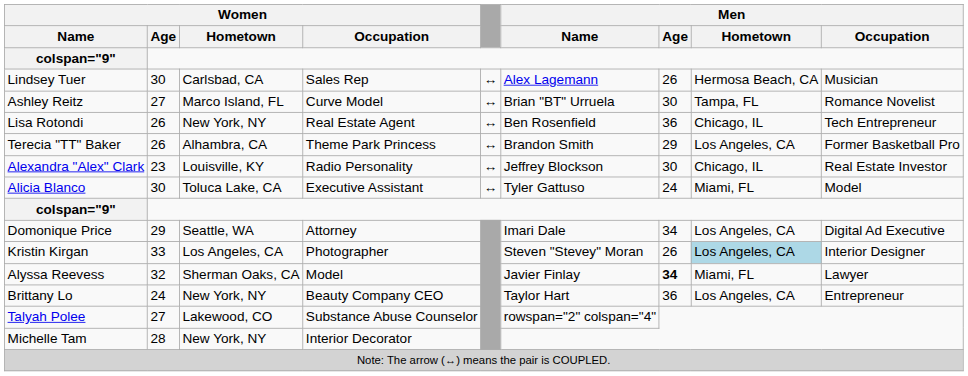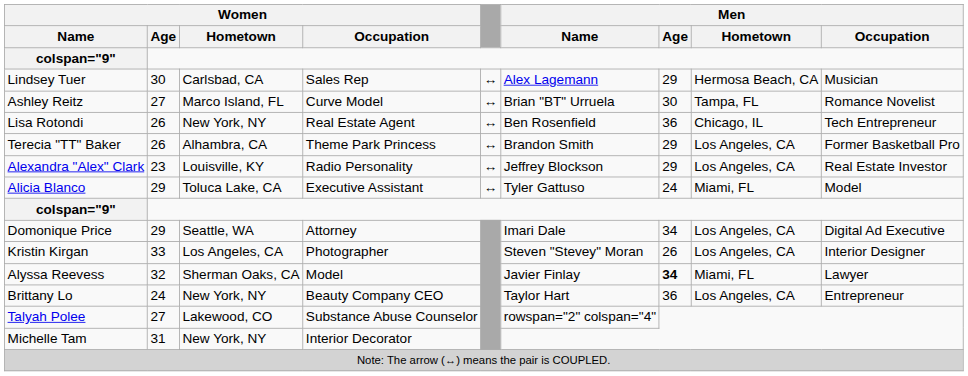 <table class="wikitable sortable">
 <tr>
 <th colspan="4">Women</th>
 <td bgcolor="darkgray" rowspan="2"></td>
 <th colspan="4">Men</th>
 </tr>
 <tr>
 <th>Name</th>
 <th>Age</th>
 <th>Hometown</th>
 <th>Occupation</th>
 <th>Name</th>
 <th>Age</th>
 <th>Hometown</th>
 <th>Occupation</th>
 </tr>
 <tr>
 <th>colspan="9" </th>
 </tr>
 <tr>
 <td>Lindsey Tuer</td>
 <td>30</td>
 <td>Carlsbad, CA</td>
 <td>Sales Rep</td>
 <td>↔</td>
 <td><a href='#'>Alex Lagemann</a></td>
-<td>26</td>
+<td>29</td>
 <td>Hermosa Beach, CA</td>
 <td>Musician</td>
 </tr>
 <tr>
 <td>Ashley Reitz</td>
 <td>27</td>
 <td>Marco Island, FL</td>
 <td>Curve Model</td>
 <td>↔</td>
 <td>Brian "BT" Urruela</td>
 <td>30</td>
 <td>Tampa, FL</td>
 <td>Romance Novelist</td>
 </tr>
 <tr>
 <td>Lisa Rotondi</td>
 <td>26</td>
 <td>New York, NY</td>
 <td>Real Estate Agent</td>
 <td>↔</td>
 <td>Ben Rosenfield</td>
 <td>36</td>
 <td>Chicago, IL</td>
 <td>Tech Entrepreneur</td>
 </tr>
 <tr>
 <td>Terecia "TT" Baker</td>
 <td>26</td>
 <td>Alhambra, CA</td>
 <td>Theme Park Princess</td>
 <td>↔</td>
 <td>Brandon Smith</td>
 <td>29</td>
 <td>Los Angeles, CA</td>
 <td>Former Basketball Pro</td>
 </tr>
 <tr>
 <td><a href='#'>Alexandra "Alex" Clark</a></td>
 <td>23</td>
 <td>Louisville, KY</td>
 <td>Radio Personality</td>
 <td>↔</td>
 <td>Jeffrey Blockson</td>
-<td>30</td>
-<td>Chicago, IL</td>
+<td>29</td>
+<td>Los Angeles, CA</td>
 <td>Real Estate Investor</td>
 </tr>
 <tr>
 <td><a href='#'>Alicia Blanco</a></td>
-<td>30</td>
+<td>29</td>
 <td>Toluca Lake, CA</td>
 <td>Executive Assistant</td>
 <td>↔</td>
 <td>Tyler Gattuso</td>
 <td>24</td>
 <td>Miami, FL</td>
 <td>Model</td>
 </tr>
 <tr>
 <th>colspan="9" </th>
 </tr>
 <tr>
 <td>Domonique Price</td>
 <td>29</td>
 <td>Seattle, WA</td>
 <td>Attorney</td>
 <td bgcolor="darkgray" rowspan="6"></td>
 <td>Imari Dale</td>
 <td>34</td>
 <td>Los Angeles, CA</td>
 <td>Digital Ad Executive</td>
 </tr>
 <tr>
 <td>Kristin Kirgan</td>
 <td>33</td>
 <td>Los Angeles, CA</td>
 <td>Photographer</td>
 <td>Steven "Stevey" Moran</td>
 <td>26</td>
-<td style="background: lightblue;">Los Angeles, CA</td>
+<td>Los Angeles, CA</td>
 <td>Interior Designer</td>
 </tr>
 <tr>
 <td>Alyssa Reevess</td>
 <td>32</td>
 <td>Sherman Oaks, CA</td>
 <td>Model</td>
 <td>Javier Finlay</td>
 <td><strong>34</strong></td>
 <td>Miami, FL</td>
 <td>Lawyer</td>
 </tr>
 <tr>
 <td>Brittany Lo</td>
 <td>24</td>
 <td>New York, NY</td>
 <td>Beauty Company CEO</td>
 <td>Taylor Hart</td>
 <td>36</td>
 <td>Los Angeles, CA</td>
 <td>Entrepreneur</td>
 </tr>
 <tr>
 <td><a href='#'>Talyah Polee</a></td>
 <td>27</td>
 <td>Lakewood, CO</td>
 <td>Substance Abuse Counselor</td>
 <td>rowspan="2" colspan="4" </td>
 </tr>
 <tr>
 <td>Michelle Tam</td>
-<td>28</td>
+<td>31</td>
 <td>New York, NY</td>
 <td>Interior Decorator</td>
 </tr>
 <tr>
 <td colspan="9" bgcolor="lightgrey" style="text-align:center"><small>Note: The arrow (↔) means the pair is COUPLED.</small></td>
 </tr>
 </table>
